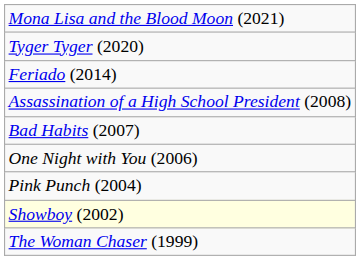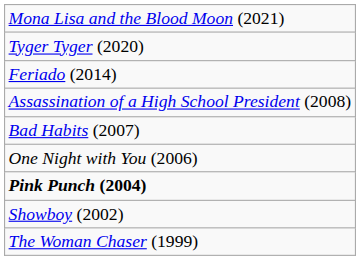 <table class="wikitable">
 <tr>
 <td><em><a href='#'>Mona Lisa and the Blood Moon</a></em> (2021)</td>
 </tr>
 <tr>
 <td><em><a href='#'>Tyger Tyger</a></em> (2020)</td>
 </tr>
 <tr>
 <td><em><a href='#'>Feriado</a></em> (2014)</td>
 </tr>
 <tr>
 <td><em><a href='#'>Assassination of a High School President</a></em> (2008)</td>
 </tr>
 <tr>
 <td><a href='#'><em>Bad Habits</em></a> (2007)</td>
 </tr>
 <tr>
 <td><em>One Night with You</em> (2006)</td>
 </tr>
 <tr>
-<td><em>Pink Punch</em> (2004)</td>
+<td><strong><em>Pink Punch</em> (2004)</strong></td>
 </tr>
 <tr>
-<td style="background: lightyellow;"><em><a href='#'>Showboy</a></em> (2002)</td>
+<td><em><a href='#'>Showboy</a></em> (2002)</td>
 </tr>
 <tr>
 <td><em><a href='#'>The Woman Chaser</a></em> (1999)</td>
 </tr>
 </table>
